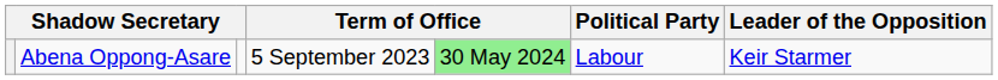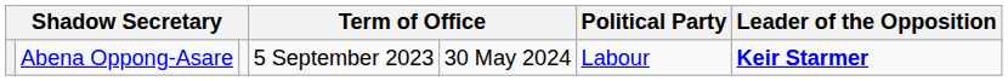 <table class="wikitable">
 <tr>
 <th colspan="3">Shadow Secretary</th>
 <th colspan="2">Term of Office</th>
 <th>Political Party</th>
 <th>Leader of the Opposition</th>
 </tr>
 <tr>
 <th style="background-color: "></th>
 <td><a href='#'>Abena Oppong-Asare</a> </td>
 <td></td>
 <td>5 September 2023</td>
-<td style="background: lightgreen;">30 May 2024</td>
+<td>30 May 2024</td>
 <td><a href='#'>Labour</a></td>
-<td><a href='#'>Keir Starmer</a></td>
+<td><strong><a href='#'>Keir Starmer</a></strong></td>
 </tr>
 </table>
